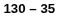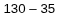 <table style="text-align:center">
 <tr>
 <th width=200></th>
 <th width=100></th>
 <th width=200></th>
 </tr>
 <tr>
 <td align=right></td>
-<td><strong>130 – 35</strong></td>
+<td>130 – 35</td>
 <td align=left></td>
 </tr>
 </table>
